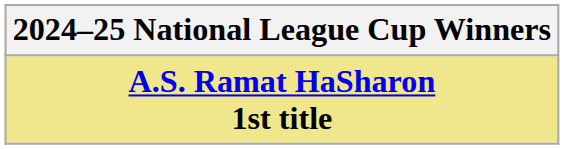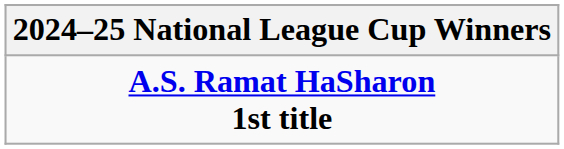 <table class=wikitable style="text-align:center; margin:auto">
 <tr>
 <th>2024–25 National League Cup Winners</th>
 </tr>
 <tr>
-<td style="background: khaki;"><strong><a href='#'>A.S. Ramat HaSharon</a></strong> <br> <strong>1st title</strong></td>
+<td><strong><a href='#'>A.S. Ramat HaSharon</a></strong> <br> <strong>1st title</strong></td>
 </tr>
 </table>
